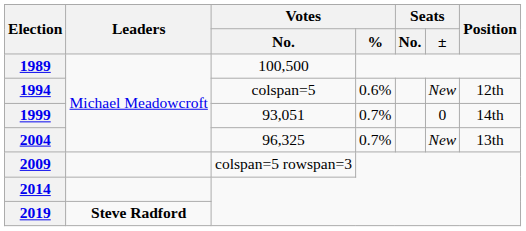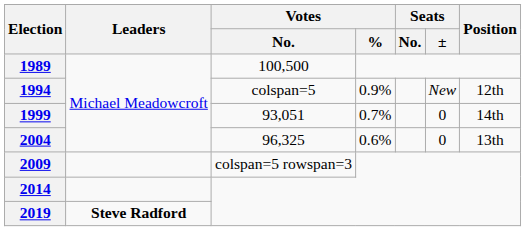 <table class="sortable wikitable" style="text-align:center">
 <tr>
 </tr>
 <tr>
 <th rowspan=2>Election</th>
 <th rowspan=2>Leaders</th>
 <th colspan=2>Votes</th>
 <th colspan=2>Seats</th>
 <th rowspan=2>Position</th>
 </tr>
 <tr>
 <th>No.</th>
 <th>%</th>
 <th>No.</th>
 <th>±</th>
 </tr>
 <tr>
 <th><a href='#'>1989</a></th>
 <td rowspan=4><a href='#'>Michael Meadowcroft</a></td>
 <td>100,500</td>
 </tr>
 <tr>
 <th><a href='#'>1994</a></th>
 <td>colspan=5 </td>
-<td>0.6%</td>
+<td>0.9%</td>
 <td></td>
 <td><em>New</em></td>
 <td>12th</td>
 </tr>
 <tr>
 <th><a href='#'>1999</a></th>
 <td>93,051</td>
 <td>0.7%</td>
 <td></td>
 <td> 0</td>
 <td> 14th</td>
 </tr>
 <tr>
 <th><a href='#'>2004</a></th>
 <td>96,325</td>
-<td>0.7%</td>
+<td>0.6%</td>
 <td></td>
-<td><em>New</em></td>
+<td> 0</td>
 <td> 13th</td>
 </tr>
 <tr>
 <th><a href='#'>2009</a></th>
 <td></td>
 <td>colspan=5 rowspan=3 </td>
 </tr>
 <tr>
 <th><a href='#'>2014</a></th>
 <td></td>
 </tr>
 <tr>
 <th><a href='#'>2019</a></th>
 <td><strong>Steve Radford</strong></td>
 </tr>
 </table>
